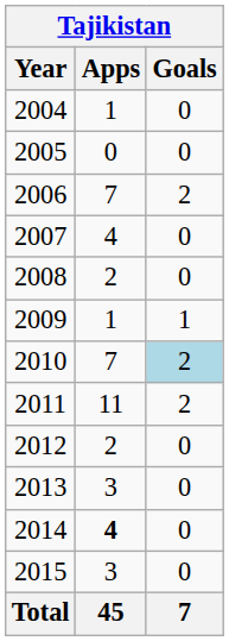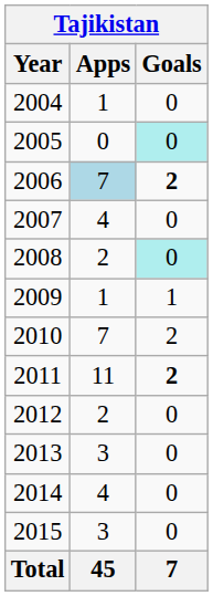 <table class="wikitable" style="text-align:center">
 <tr>
 <th colspan=3><a href='#'>Tajikistan</a></th>
 </tr>
 <tr>
 <th>Year</th>
 <th>Apps</th>
 <th>Goals</th>
 </tr>
 <tr>
 <td>2004</td>
 <td>1</td>
 <td>0</td>
 </tr>
 <tr>
 <td>2005</td>
 <td>0</td>
-<td>0</td>
+<td style="background: paleturquoise;">0</td>
 </tr>
 <tr>
 <td>2006</td>
-<td>7</td>
-<td>2</td>
+<td style="background: lightblue;">7</td>
+<td><strong>2</strong></td>
 </tr>
 <tr>
 <td>2007</td>
 <td>4</td>
 <td>0</td>
 </tr>
 <tr>
 <td>2008</td>
 <td>2</td>
-<td>0</td>
+<td style="background: paleturquoise;">0</td>
 </tr>
 <tr>
 <td>2009</td>
 <td>1</td>
 <td>1</td>
 </tr>
 <tr>
 <td>2010</td>
 <td>7</td>
-<td style="background: lightblue;">2</td>
+<td>2</td>
 </tr>
 <tr>
 <td>2011</td>
 <td>11</td>
-<td>2</td>
+<td><strong>2</strong></td>
 </tr>
 <tr>
 <td>2012</td>
 <td>2</td>
 <td>0</td>
 </tr>
 <tr>
 <td>2013</td>
 <td>3</td>
 <td>0</td>
 </tr>
 <tr>
 <td>2014</td>
-<td><strong>4</strong></td>
+<td>4</td>
 <td>0</td>
 </tr>
 <tr>
 <td>2015</td>
 <td>3</td>
 <td>0</td>
 </tr>
 <tr>
 <th>Total</th>
 <th>45</th>
 <th>7</th>
 </tr>
 </table>
